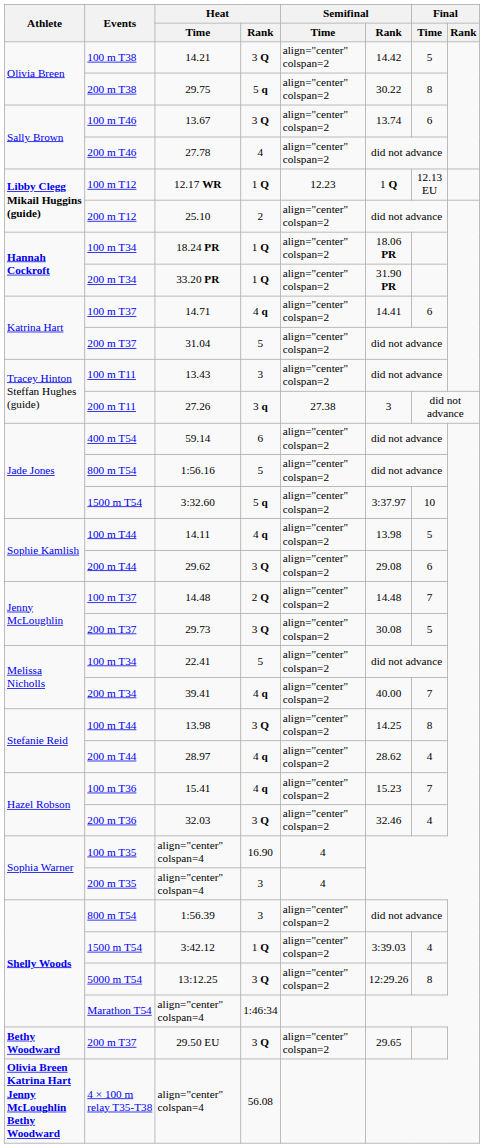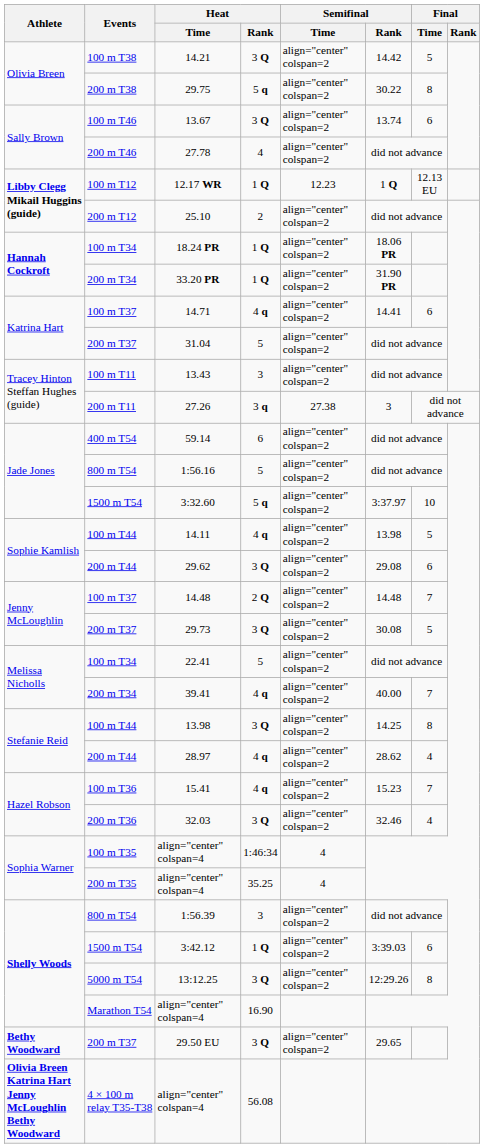 <table class=wikitable style="font-size:90%">
 <tr>
 <th rowspan="2">Athlete</th>
 <th rowspan="2">Events</th>
 <th colspan="2">Heat</th>
 <th colspan="2">Semifinal</th>
 <th colspan="2">Final</th>
 </tr>
 <tr>
 <th>Time</th>
 <th>Rank</th>
 <th>Time</th>
 <th>Rank</th>
 <th>Time</th>
 <th>Rank</th>
 </tr>
 <tr>
 <td rowspan=2><a href='#'>Olivia Breen</a></td>
 <td><a href='#'>100 m T38</a></td>
 <td align="center">14.21</td>
 <td align="center">3 <strong>Q</strong></td>
 <td>align="center" colspan=2 </td>
 <td align="center">14.42</td>
 <td align="center">5</td>
 </tr>
 <tr>
 <td><a href='#'>200 m T38</a></td>
 <td align="center">29.75</td>
 <td align="center">5 <strong>q</strong></td>
 <td>align="center" colspan=2 </td>
 <td align="center">30.22</td>
 <td align="center">8</td>
 </tr>
 <tr>
 <td rowspan=2><a href='#'>Sally Brown</a></td>
 <td><a href='#'>100 m T46</a></td>
 <td align="center">13.67</td>
 <td align="center">3 <strong>Q</strong></td>
 <td>align="center" colspan=2 </td>
 <td align="center">13.74</td>
 <td align="center">6</td>
 </tr>
 <tr>
 <td><a href='#'>200 m T46</a></td>
 <td align="center">27.78</td>
 <td align="center">4</td>
 <td>align="center" colspan=2 </td>
 <td align="center" colspan=2>did not advance</td>
 </tr>
 <tr>
 <td rowspan=2><strong><a href='#'>Libby Clegg</a><br>Mikail Huggins (guide)</strong></td>
 <td><a href='#'>100 m T12</a></td>
 <td align="center">12.17 <strong>WR</strong></td>
 <td align="center">1 <strong>Q</strong></td>
 <td align="center">12.23</td>
 <td align="center">1 <strong>Q</strong></td>
 <td align="center">12.13 EU</td>
 <td align="center"></td>
 </tr>
 <tr>
 <td><a href='#'>200 m T12</a></td>
 <td align="center">25.10</td>
 <td align="center">2</td>
 <td>align="center" colspan=2 </td>
 <td align="center" colspan=2>did not advance</td>
 </tr>
 <tr>
 <td rowspan=2><strong><a href='#'>Hannah Cockroft</a></strong></td>
 <td><a href='#'>100 m T34</a></td>
 <td align="center">18.24 <strong>PR</strong></td>
 <td align="center">1 <strong>Q</strong></td>
 <td>align="center" colspan=2 </td>
 <td align="center">18.06 <strong>PR</strong></td>
 <td align="center"></td>
 </tr>
 <tr>
 <td><a href='#'>200 m T34</a></td>
 <td align="center">33.20 <strong>PR</strong></td>
 <td align="center">1 <strong>Q</strong></td>
 <td>align="center" colspan=2 </td>
 <td align="center">31.90 <strong>PR</strong></td>
 <td align="center"></td>
 </tr>
 <tr>
 <td rowspan=2><a href='#'>Katrina Hart</a></td>
 <td><a href='#'>100 m T37</a></td>
 <td align="center">14.71</td>
 <td align="center">4 <strong>q</strong></td>
 <td>align="center" colspan=2 </td>
 <td align="center">14.41</td>
 <td align="center">6</td>
 </tr>
 <tr>
 <td><a href='#'>200 m T37</a></td>
 <td align="center">31.04</td>
 <td align="center">5</td>
 <td>align="center" colspan=2 </td>
 <td align="center" colspan=2>did not advance</td>
 </tr>
 <tr>
 <td rowspan=2><a href='#'>Tracey Hinton</a><br>Steffan Hughes (guide)</td>
 <td><a href='#'>100 m T11</a></td>
 <td align="center">13.43</td>
 <td align="center">3</td>
 <td>align="center" colspan=2 </td>
 <td align="center" colspan=2>did not advance</td>
 </tr>
 <tr>
 <td><a href='#'>200 m T11</a></td>
 <td align="center">27.26</td>
 <td align="center">3 <strong>q</strong></td>
 <td align="center">27.38</td>
 <td align="center">3</td>
 <td align="center" colspan=2>did not advance</td>
 </tr>
 <tr>
 <td rowspan=3><a href='#'>Jade Jones</a></td>
 <td><a href='#'>400 m T54</a></td>
 <td align="center">59.14</td>
 <td align="center">6</td>
 <td>align="center" colspan=2 </td>
 <td align="center" colspan=2>did not advance</td>
 </tr>
 <tr>
 <td><a href='#'>800 m T54</a></td>
 <td align="center">1:56.16</td>
 <td align="center">5</td>
 <td>align="center" colspan=2 </td>
 <td align="center" colspan=2>did not advance</td>
 </tr>
 <tr>
 <td><a href='#'>1500 m T54</a></td>
 <td align="center">3:32.60</td>
 <td align="center">5 <strong>q</strong></td>
 <td>align="center" colspan=2 </td>
 <td align="center">3:37.97</td>
 <td align="center">10</td>
 </tr>
 <tr>
 <td rowspan=2><a href='#'>Sophie Kamlish</a></td>
 <td><a href='#'>100 m T44</a></td>
 <td align="center">14.11</td>
 <td align="center">4 <strong>q</strong></td>
 <td>align="center" colspan=2 </td>
 <td align="center">13.98</td>
 <td align="center">5</td>
 </tr>
 <tr>
 <td><a href='#'>200 m T44</a></td>
 <td align="center">29.62</td>
 <td align="center">3 <strong>Q</strong></td>
 <td>align="center" colspan=2 </td>
 <td align="center">29.08</td>
 <td align="center">6</td>
 </tr>
 <tr>
 <td rowspan=2><a href='#'>Jenny McLoughlin</a></td>
 <td><a href='#'>100 m T37</a></td>
 <td align="center">14.48</td>
 <td align="center">2 <strong>Q</strong></td>
 <td>align="center" colspan=2 </td>
 <td align="center">14.48</td>
 <td align="center">7</td>
 </tr>
 <tr>
 <td><a href='#'>200 m T37</a></td>
 <td align="center">29.73</td>
 <td align="center">3 <strong>Q</strong></td>
 <td>align="center" colspan=2 </td>
 <td align="center">30.08</td>
 <td align="center">5</td>
 </tr>
 <tr>
 <td rowspan=2><a href='#'>Melissa Nicholls</a></td>
 <td><a href='#'>100 m T34</a></td>
 <td align="center">22.41</td>
 <td align="center">5</td>
 <td>align="center" colspan=2 </td>
 <td align="center" colspan=2>did not advance</td>
 </tr>
 <tr>
 <td><a href='#'>200 m T34</a></td>
 <td align="center">39.41</td>
 <td align="center">4 <strong>q</strong></td>
 <td>align="center" colspan=2 </td>
 <td align="center">40.00</td>
 <td align="center">7</td>
 </tr>
 <tr>
 <td rowspan=2><a href='#'>Stefanie Reid</a></td>
 <td><a href='#'>100 m T44</a></td>
 <td align="center">13.98</td>
 <td align="center">3 <strong>Q</strong></td>
 <td>align="center" colspan=2 </td>
 <td align="center">14.25</td>
 <td align="center">8</td>
 </tr>
 <tr>
 <td><a href='#'>200 m T44</a></td>
 <td align="center">28.97</td>
 <td align="center">4 <strong>q</strong></td>
 <td>align="center" colspan=2 </td>
 <td align="center">28.62</td>
 <td align="center">4</td>
 </tr>
 <tr>
 <td rowspan=2><a href='#'>Hazel Robson</a></td>
 <td><a href='#'>100 m T36</a></td>
 <td align="center">15.41</td>
 <td align="center">4 <strong>q</strong></td>
 <td>align="center" colspan=2 </td>
 <td align="center">15.23</td>
 <td align="center">7</td>
 </tr>
 <tr>
 <td><a href='#'>200 m T36</a></td>
 <td align="center">32.03</td>
 <td align="center">3 <strong>Q</strong></td>
 <td>align="center" colspan=2 </td>
 <td align="center">32.46</td>
 <td align="center">4</td>
 </tr>
 <tr>
 <td rowspan=2><a href='#'>Sophia Warner</a></td>
 <td><a href='#'>100 m T35</a></td>
 <td>align="center" colspan=4 </td>
-<td align="center">16.90</td>
+<td align="center">1:46:34</td>
 <td align="center">4</td>
 </tr>
 <tr>
 <td><a href='#'>200 m T35</a></td>
 <td>align="center" colspan=4 </td>
-<td align="center">3</td>
+<td align="center">35.25</td>
 <td align="center">4</td>
 </tr>
 <tr>
 <td rowspan=4><strong><a href='#'>Shelly Woods</a></strong></td>
 <td><a href='#'>800 m T54</a></td>
 <td align="center">1:56.39</td>
 <td align="center">3</td>
 <td>align="center" colspan=2 </td>
 <td align="center" colspan=2>did not advance</td>
 </tr>
 <tr>
 <td><a href='#'>1500 m T54</a></td>
 <td align="center">3:42.12</td>
 <td align="center">1 <strong>Q</strong></td>
 <td>align="center" colspan=2 </td>
 <td align="center">3:39.03</td>
-<td align="center">4</td>
+<td align="center">6</td>
 </tr>
 <tr>
 <td><a href='#'>5000 m T54</a></td>
 <td align="center">13:12.25</td>
 <td align="center">3 <strong>Q</strong></td>
 <td>align="center" colspan=2 </td>
 <td align="center">12:29.26</td>
 <td align="center">8</td>
 </tr>
 <tr>
 <td><a href='#'>Marathon T54</a></td>
 <td>align="center" colspan=4 </td>
-<td align="center">1:46:34</td>
+<td align="center">16.90</td>
 <td align="center"></td>
 </tr>
 <tr>
 <td><strong><a href='#'>Bethy Woodward</a></strong></td>
 <td><a href='#'>200 m T37</a></td>
 <td align="center">29.50 EU</td>
 <td align="center">3 <strong>Q</strong></td>
 <td>align="center" colspan=2 </td>
 <td align="center">29.65</td>
 <td align="center"></td>
 </tr>
 <tr>
 <td><strong><a href='#'>Olivia Breen</a><br><a href='#'>Katrina Hart</a><br><a href='#'>Jenny McLoughlin</a><br><a href='#'>Bethy Woodward</a></strong></td>
 <td><a href='#'>4 × 100 m relay T35-T38</a></td>
 <td>align="center" colspan=4 </td>
 <td align="center">56.08</td>
 <td align="center"></td>
 </tr>
 </table>
